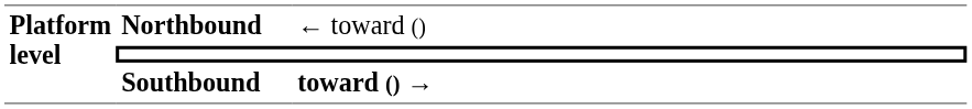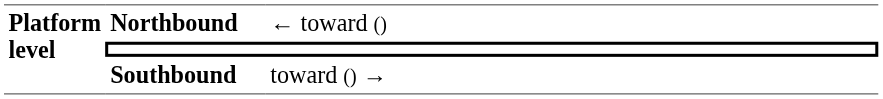 <table cellpadding="3" cellspacing="0" border="0">
 <tr>
 <td rowspan="3" width="50" style="border-top-color: gray; border-bottom-color: gray; border-top-width: 1px; border-bottom-width: 1px; border-top-style: solid; border-bottom-style: solid;" valign="top"><strong>Platform level</strong></td>
 <td width="100" style="border-top-color: gray; border-top-width: 1px; border-top-style: solid;"><strong>Northbound</strong></td>
 <td width="400" style="border-top-color: gray; border-top-width: 1px; border-top-style: solid;">←  toward  <small>()</small></td>
 </tr>
 <tr>
 <td colspan="2" style="border: 2px solid black; border-image: none; text-align: center;"></td>
 </tr>
 <tr>
 <td style="border-bottom-color: gray; border-bottom-width: 1px; border-bottom-style: solid;"><strong>Southbound</strong></td>
-<td style="border-bottom-color: gray; border-bottom-width: 1px; border-bottom-style: solid;"><strong> toward  <small>()</small> →</strong></td>
+<td style="border-bottom-color: gray; border-bottom-width: 1px; border-bottom-style: solid;"> toward  <small>()</small> →</td>
 </tr>
 </table>
